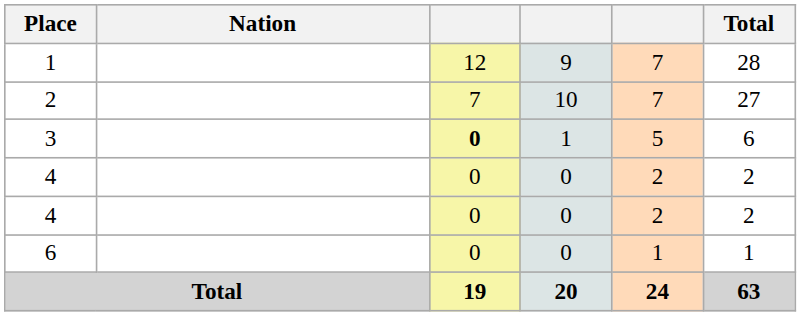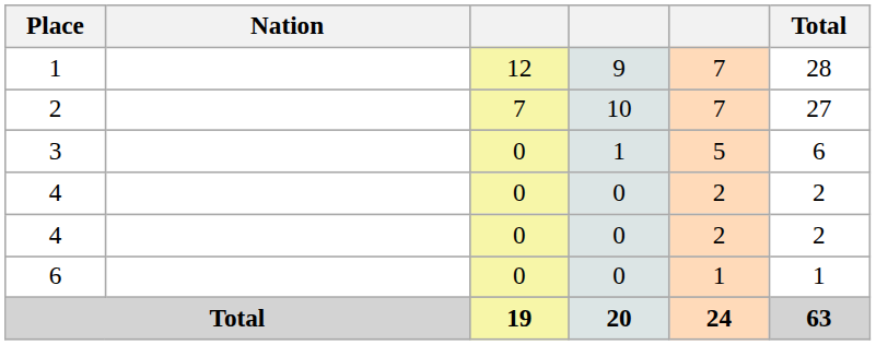 <table class=wikitable style="border:1px solid #AAAAAA;font-size:90%">
 <tr bgcolor="#EFEFEF">
 <th width=50>Place</th>
 <th width=200>Nation</th>
 <th width=50></th>
 <th width=50></th>
 <th width=50></th>
 <th width=50>Total</th>
 </tr>
 <tr align="center" valign="top" bgcolor="#FFFFFF">
 <td>1</td>
 <td align="left"></td>
 <td style="background:#F7F6A8;">12</td>
 <td style="background:#DCE5E5;">9</td>
 <td style="background:#FFDAB9;">7</td>
 <td>28</td>
 </tr>
 <tr align="center" valign="top" bgcolor="#FFFFFF">
 <td>2</td>
 <td align="left"></td>
 <td style="background:#F7F6A8;">7</td>
 <td style="background:#DCE5E5;">10</td>
 <td style="background:#FFDAB9;">7</td>
 <td>27</td>
 </tr>
 <tr align="center" valign="top" bgcolor="#FFFFFF">
 <td>3</td>
 <td align="left"></td>
-<td style="background:#F7F6A8;"><strong>0</strong></td>
+<td style="background:#F7F6A8;">0</td>
 <td style="background:#DCE5E5;">1</td>
 <td style="background:#FFDAB9;">5</td>
 <td>6</td>
 </tr>
 <tr align="center" valign="top" bgcolor="#FFFFFF">
 <td>4</td>
 <td align="left"></td>
 <td style="background:#F7F6A8;">0</td>
 <td style="background:#DCE5E5;">0</td>
 <td style="background:#FFDAB9;">2</td>
 <td>2</td>
 </tr>
 <tr align="center" valign="top" bgcolor="#FFFFFF">
 <td>4</td>
 <td align="left"></td>
 <td style="background:#F7F6A8;">0</td>
 <td style="background:#DCE5E5;">0</td>
 <td style="background:#FFDAB9;">2</td>
 <td>2</td>
 </tr>
 <tr align="center" valign="top" bgcolor="#FFFFFF">
 <td>6</td>
 <td align="left"></td>
 <td style="background:#F7F6A8;">0</td>
 <td style="background:#DCE5E5;">0</td>
 <td style="background:#FFDAB9;">1</td>
 <td>1</td>
 </tr>
 <tr align="center">
 <td colspan="2" bgcolor=D3D3D3><strong>Total</strong></td>
 <td style="background:#F7F6A8;"><strong>19</strong></td>
 <td style="background:#DCE5E5;"><strong>20</strong></td>
 <td style="background:#FFDAB9;"><strong>24</strong></td>
 <td bgcolor=D3D3D3><strong>63</strong></td>
 </tr>
 </table>
